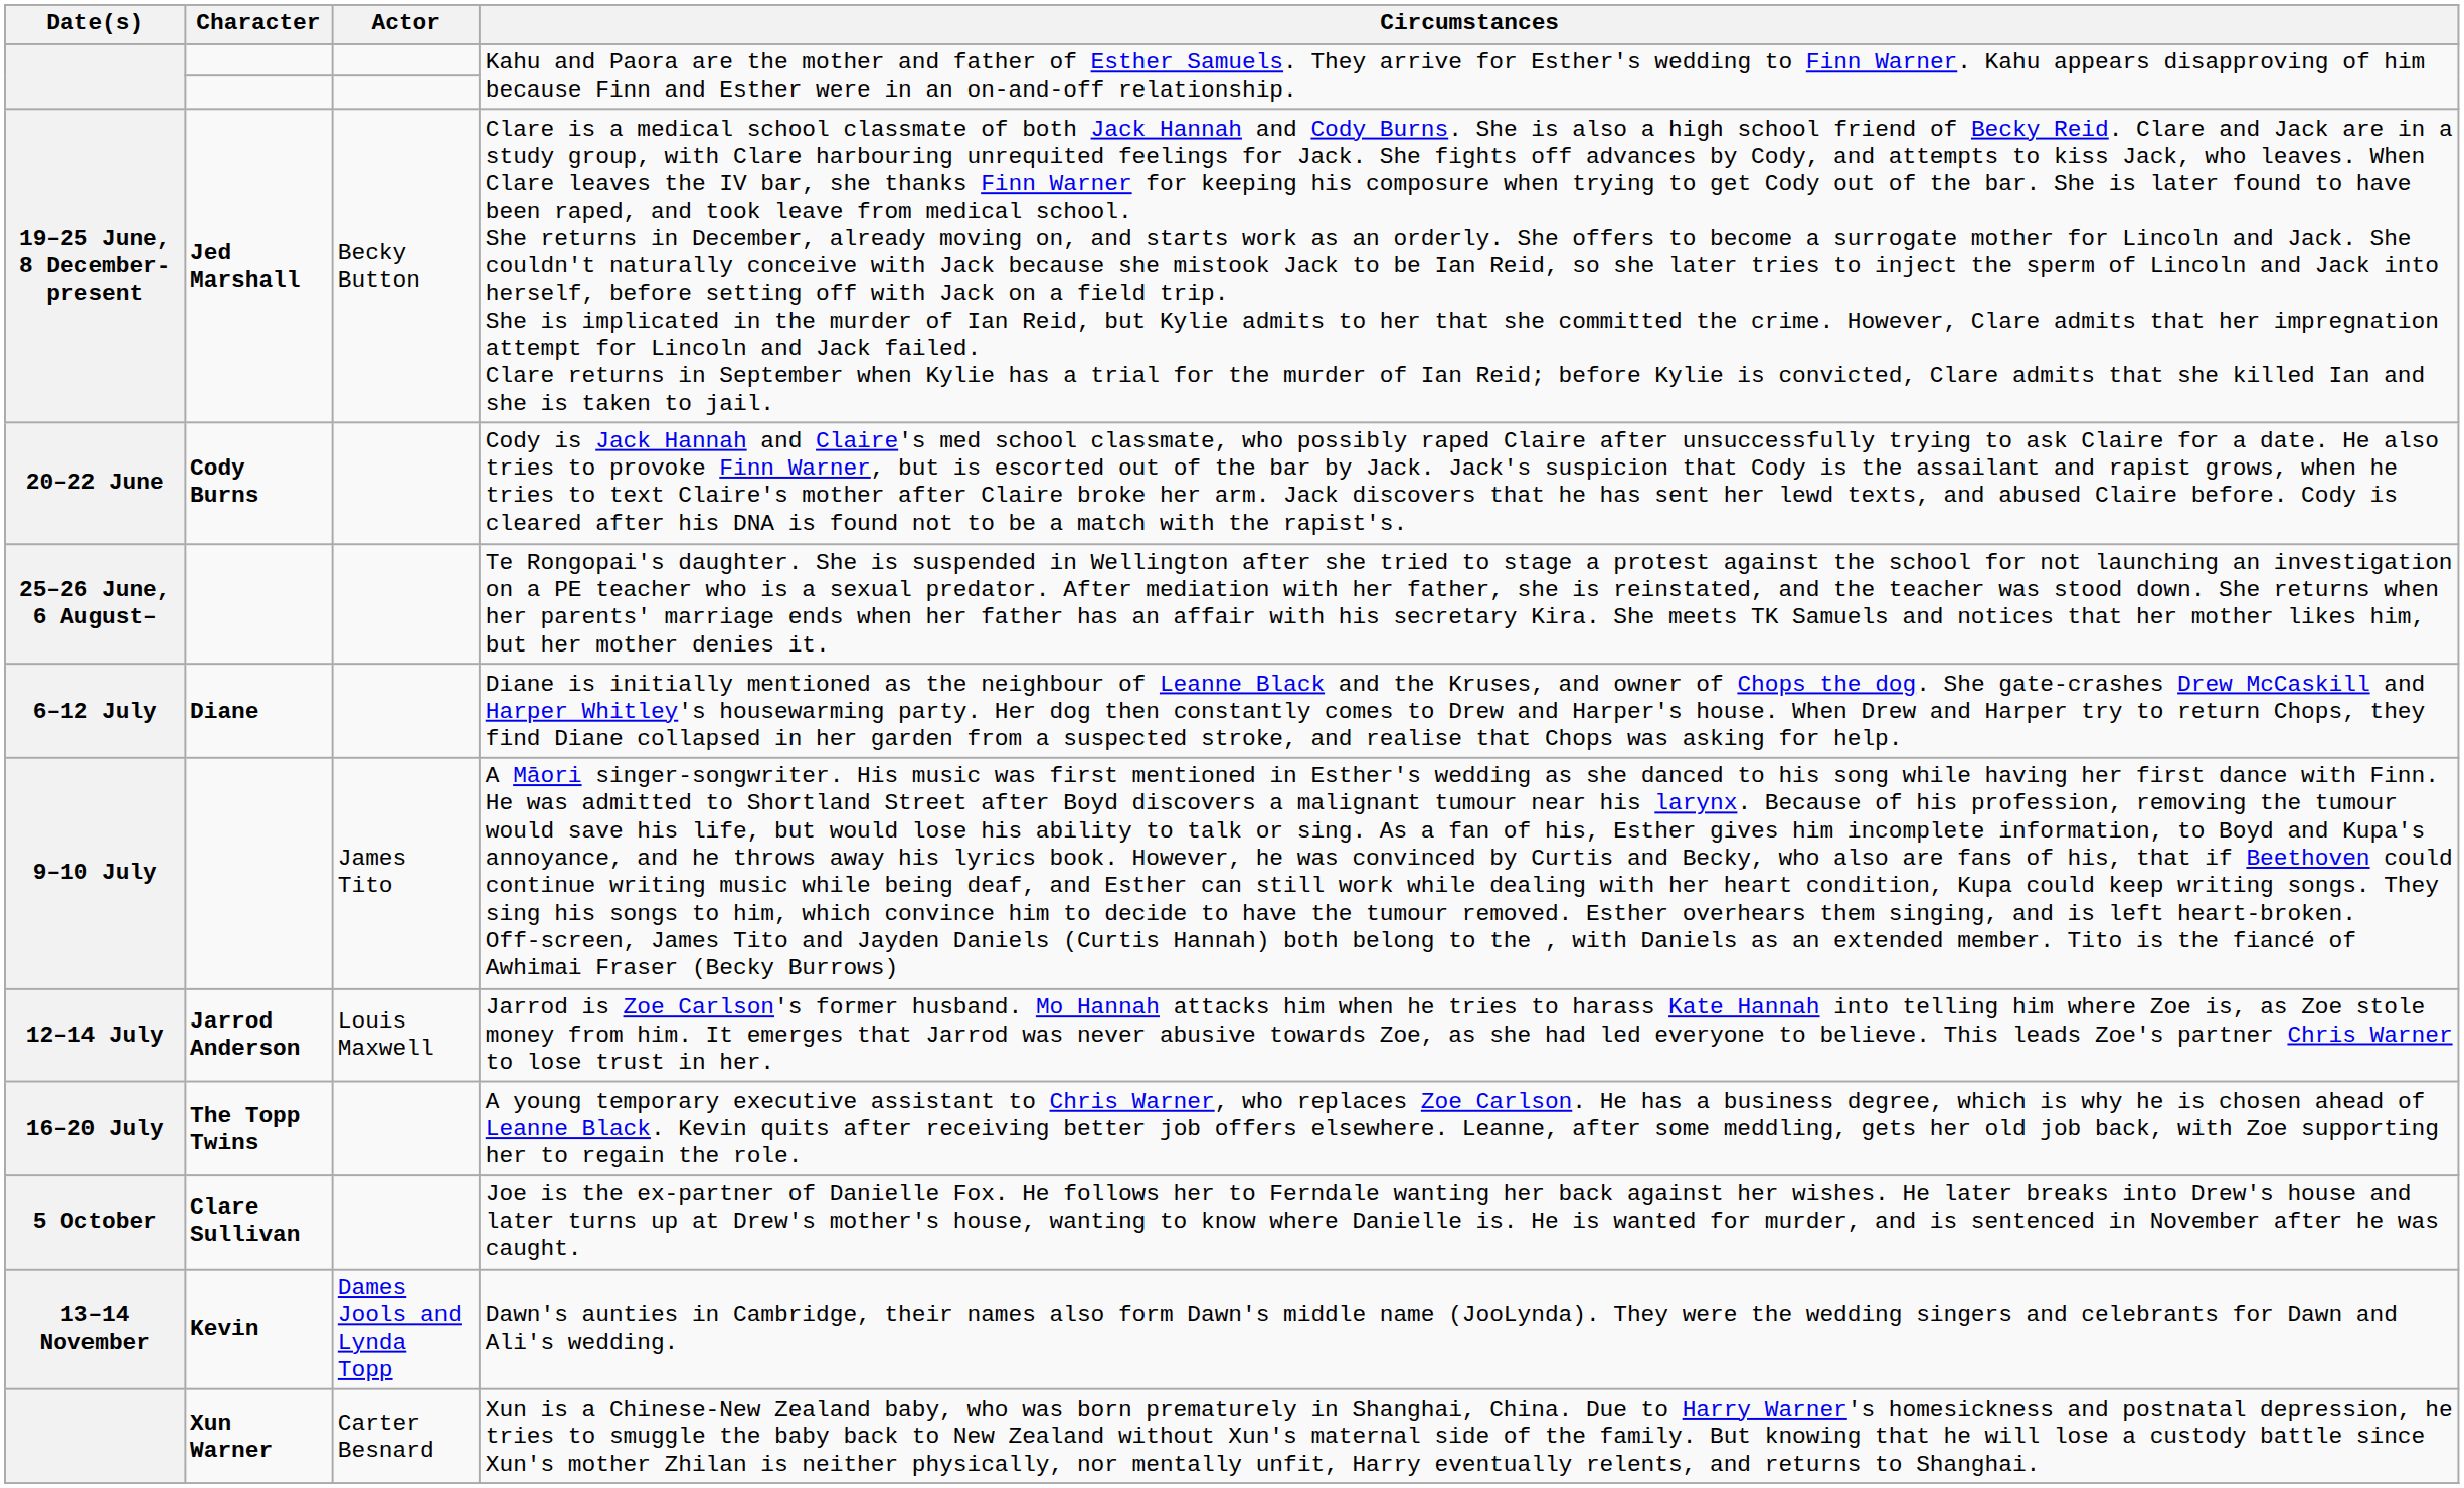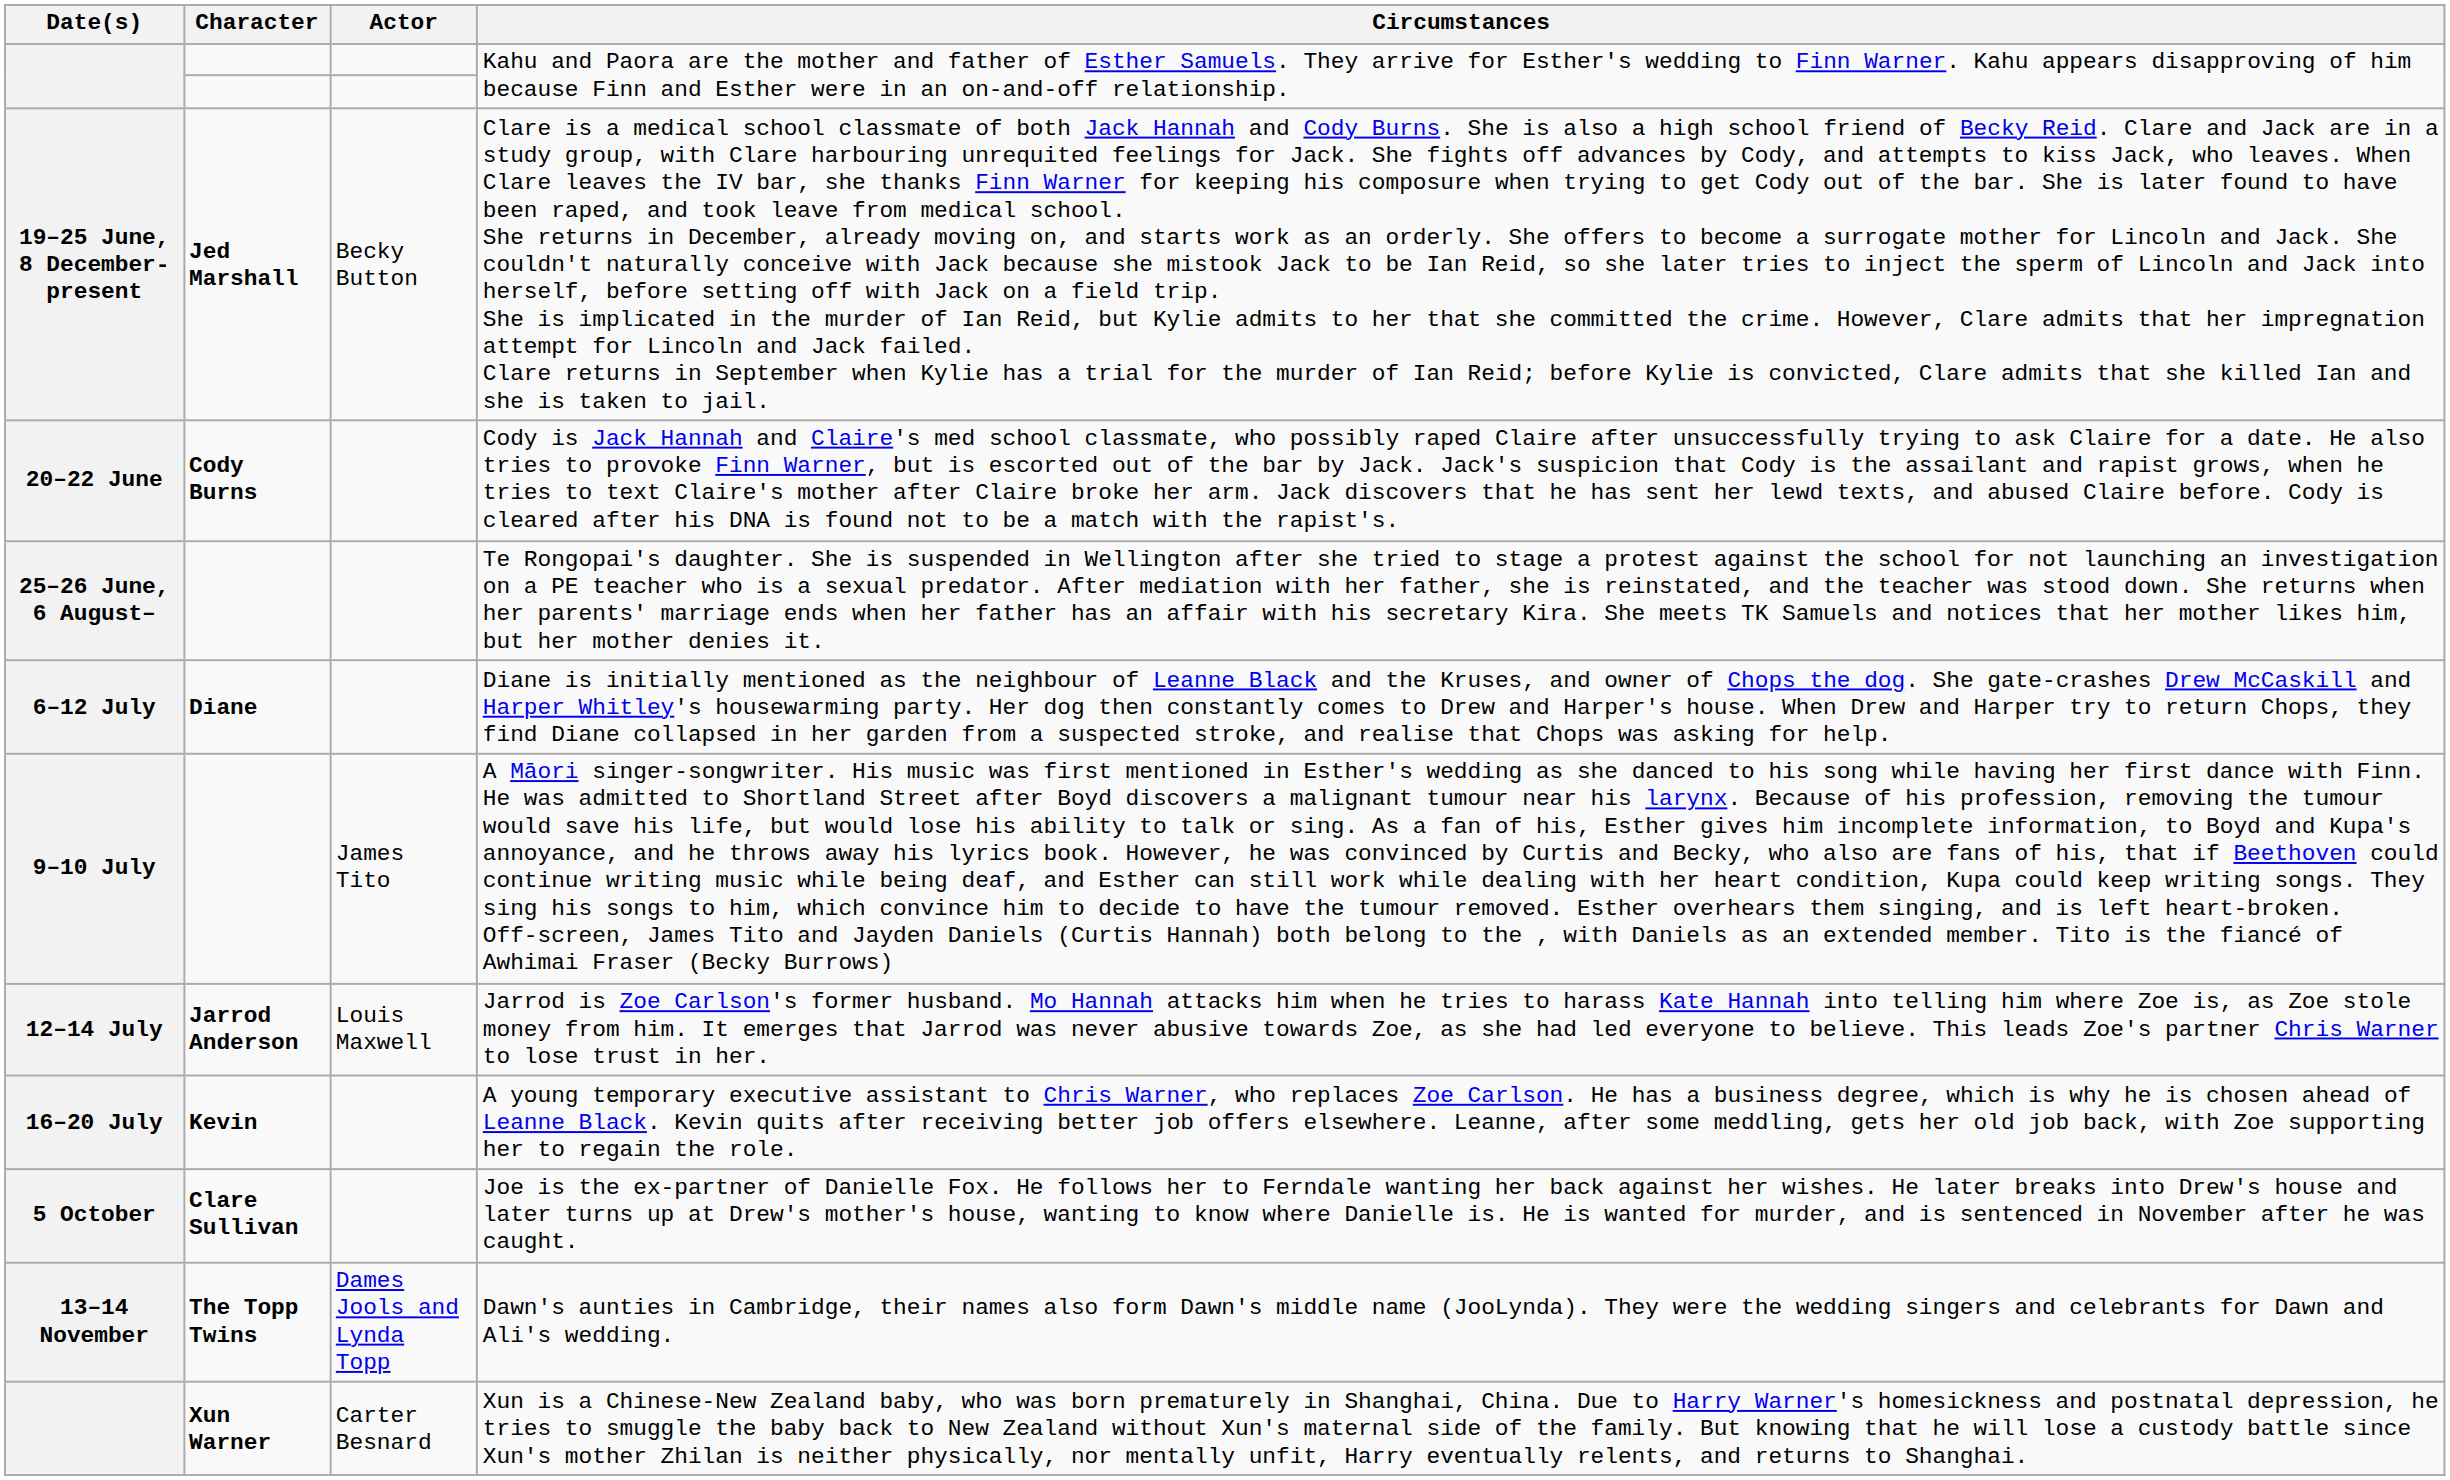 <table class="wikitable plainrowheaders" style="font-size:90%">
 <tr>
 <th scope="col">Date(s)</th>
 <th scope="col">Character</th>
 <th scope="col">Actor</th>
 <th scope="col">Circumstances</th>
 </tr>
 <tr>
 <th scope="row" rowspan="2"></th>
 <td></td>
 <td></td>
 <td rowspan="2">Kahu and Paora are the mother and father of <a href='#'>Esther Samuels</a>. They arrive for Esther's wedding to <a href='#'>Finn Warner</a>. Kahu appears disapproving of him because Finn and Esther were in an on-and-off relationship.</td>
 </tr>
 <tr>
 <td></td>
 <td></td>
 </tr>
 <tr>
 <th scope="row">19–25 June, 8 December-present</th>
 <td><strong>Jed Marshall</strong></td>
 <td>Becky Button</td>
 <td>Clare is a medical school classmate of both <a href='#'>Jack Hannah</a> and <a href='#'>Cody Burns</a>. She is also a high school friend of <a href='#'>Becky Reid</a>. Clare and Jack are in a study group, with Clare harbouring unrequited feelings for Jack. She fights off advances by Cody, and attempts to kiss Jack, who leaves. When Clare leaves the IV bar, she thanks <a href='#'>Finn Warner</a> for keeping his composure when trying to get Cody out of the bar. She is later found to have been raped, and took leave from medical school.<br>She returns in December, already moving on, and starts work as an orderly. She offers to become a surrogate mother for Lincoln and Jack. She couldn't naturally conceive with Jack because she mistook Jack to be Ian Reid, so she later tries to inject the sperm of Lincoln and Jack into herself, before setting off with Jack on a field trip.<br>She is implicated in the murder of Ian Reid, but Kylie admits to her that she committed the crime. However, Clare admits that her impregnation attempt for Lincoln and Jack failed.<br>Clare returns in September when Kylie has a trial for the murder of Ian Reid; before Kylie is convicted, Clare admits that she killed Ian and she is taken to jail.</td>
 </tr>
 <tr>
 <th scope="row">20–22 June</th>
 <td><strong>Cody Burns</strong></td>
 <td></td>
 <td>Cody is <a href='#'>Jack Hannah</a> and <a href='#'>Claire</a>'s med school classmate, who possibly raped Claire after unsuccessfully trying to ask Claire for a date. He also tries to provoke <a href='#'>Finn Warner</a>, but is escorted out of the bar by Jack. Jack's suspicion that Cody is the assailant and rapist grows, when he tries to text Claire's mother after Claire broke her arm. Jack discovers that he has sent her lewd texts, and abused Claire before. Cody is cleared after his DNA is found not to be a match with the rapist's.</td>
 </tr>
 <tr>
 <th scope="row">25–26 June, 6 August–</th>
 <td></td>
 <td></td>
 <td>Te Rongopai's daughter. She is suspended in Wellington after she tried to stage a protest against the school for not launching an investigation on a PE teacher who is a sexual predator. After mediation with her father, she is reinstated, and the teacher was stood down. She returns when her parents' marriage ends when her father has an affair with his secretary Kira. She meets TK Samuels and notices that her mother likes him, but her mother denies it.</td>
 </tr>
 <tr>
 <th scope="row">6–12 July</th>
 <td><strong>Diane</strong></td>
 <td></td>
 <td>Diane is initially mentioned as the neighbour of <a href='#'>Leanne Black</a> and the Kruses, and owner of <a href='#'>Chops the dog</a>. She gate-crashes <a href='#'>Drew McCaskill</a> and <a href='#'>Harper Whitley</a>'s housewarming party. Her dog then constantly comes to Drew and Harper's house. When Drew and Harper try to return Chops, they find Diane collapsed in her garden from a suspected stroke, and realise that Chops was asking for help.</td>
 </tr>
 <tr>
 <th scope="row">9–10 July</th>
 <td></td>
 <td>James Tito</td>
 <td>A <a href='#'>Māori</a> singer-songwriter. His music was first mentioned in Esther's wedding as she danced to his song while having her first dance with Finn. He was admitted to Shortland Street after Boyd discovers a malignant tumour near his <a href='#'>larynx</a>. Because of his profession, removing the tumour would save his life, but would lose his ability to talk or sing. As a fan of his, Esther gives him incomplete information, to Boyd and Kupa's annoyance, and he throws away his lyrics book. However, he was convinced by Curtis and Becky, who also are fans of his, that if <a href='#'>Beethoven</a> could continue writing music while being deaf, and Esther can still work while dealing with her heart condition, Kupa could keep writing songs. They sing his songs to him, which convince him to decide to have the tumour removed. Esther overhears them singing, and is left heart-broken.<br>Off-screen, James Tito and Jayden Daniels (Curtis Hannah) both belong to the , with Daniels as an extended member. Tito is the fiancé of Awhimai Fraser (Becky Burrows)</td>
 </tr>
 <tr>
 <th scope="row">12–14 July</th>
 <td><strong>Jarrod Anderson</strong></td>
 <td>Louis Maxwell</td>
 <td>Jarrod is <a href='#'>Zoe Carlson</a>'s former husband. <a href='#'>Mo Hannah</a> attacks him when he tries to harass <a href='#'>Kate Hannah</a> into telling him where Zoe is, as Zoe stole money from him. It emerges that Jarrod was never abusive towards Zoe, as she had led everyone to believe. This leads Zoe's partner <a href='#'>Chris Warner</a> to lose trust in her.</td>
 </tr>
 <tr>
 <th scope="row">16–20 July</th>
-<td><strong>The Topp Twins</strong></td>
+<td><strong>Kevin</strong></td>
 <td></td>
 <td>A young temporary executive assistant to <a href='#'>Chris Warner</a>, who replaces <a href='#'>Zoe Carlson</a>. He has a business degree, which is why he is chosen ahead of <a href='#'>Leanne Black</a>. Kevin quits after receiving better job offers elsewhere. Leanne, after some meddling, gets her old job back, with Zoe supporting her to regain the role.</td>
 </tr>
 <tr>
 <th scope="row">5 October</th>
 <td><strong>Clare Sullivan</strong></td>
 <td></td>
 <td>Joe is the ex-partner of Danielle Fox. He follows her to Ferndale wanting her back against her wishes. He later breaks into Drew's house and later turns up at Drew's mother's house, wanting to know where Danielle is. He is wanted for murder, and is sentenced in November after he was caught.</td>
 </tr>
 <tr>
 <th scope="row">13–14 November</th>
-<td><strong>Kevin</strong></td>
+<td><strong>The Topp Twins</strong></td>
 <td><a href='#'>Dames Jools and Lynda Topp</a></td>
 <td>Dawn's aunties in Cambridge, their names also form Dawn's middle name (JooLynda). They were the wedding singers and celebrants for Dawn and Ali's wedding.</td>
 </tr>
 <tr>
 <th scope="row"></th>
 <td><strong>Xun Warner</strong></td>
 <td>Carter Besnard</td>
 <td>Xun is a Chinese-New Zealand baby, who was born prematurely in Shanghai, China. Due to <a href='#'>Harry Warner</a>'s homesickness and postnatal depression, he tries to smuggle the baby back to New Zealand without Xun's maternal side of the family. But knowing that he will lose a custody battle since Xun's mother Zhilan is neither physically, nor mentally unfit, Harry eventually relents, and returns to Shanghai.</td>
 </tr>
 <tr>
 </tr>
 </table>
